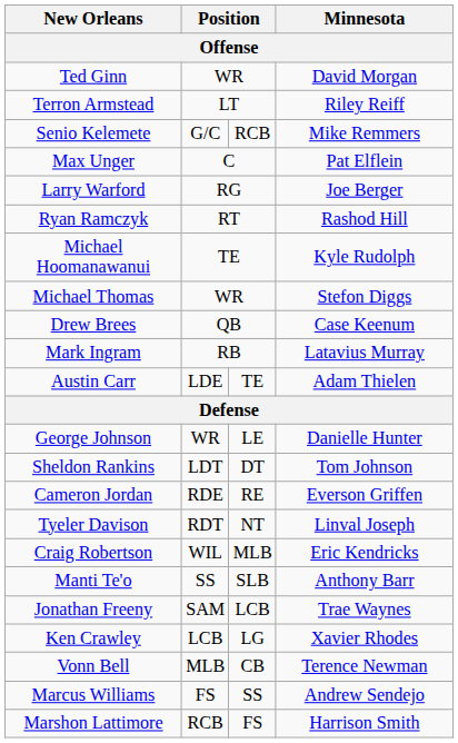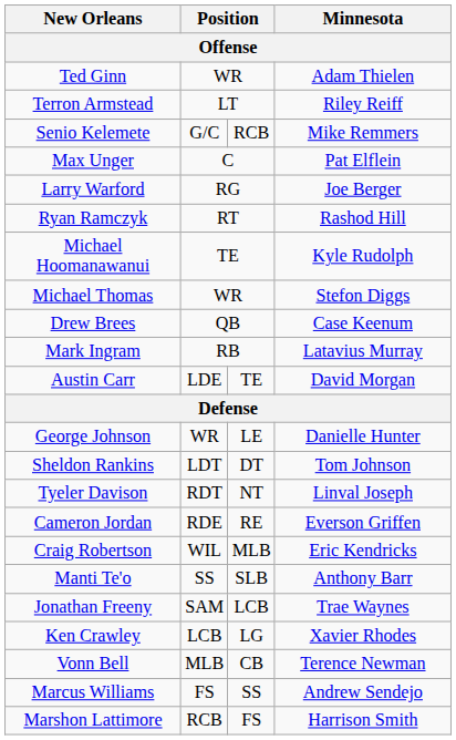 <table class="wikitable" style="text-align:center">
 <tr>
 <th style="width:150px;">New Orleans</th>
 <th colspan="2">Position</th>
 <th style="width:150px;">Minnesota</th>
 </tr>
 <tr>
 <th colspan="4">Offense</th>
 </tr>
 <tr>
 <td><a href='#'>Ted Ginn</a></td>
 <td colspan="2">WR</td>
-<td><a href='#'>David Morgan</a></td>
+<td><a href='#'>Adam Thielen</a></td>
 </tr>
 <tr>
 <td><a href='#'>Terron Armstead</a></td>
 <td colspan="2">LT</td>
 <td><a href='#'>Riley Reiff</a></td>
 </tr>
 <tr>
 <td><a href='#'>Senio Kelemete</a></td>
 <td>G/C</td>
 <td>RCB</td>
 <td><a href='#'>Mike Remmers</a></td>
 </tr>
 <tr>
 <td><a href='#'>Max Unger</a></td>
 <td colspan="2">C</td>
 <td><a href='#'>Pat Elflein</a></td>
 </tr>
 <tr>
 <td><a href='#'>Larry Warford</a></td>
 <td colspan="2">RG</td>
 <td><a href='#'>Joe Berger</a></td>
 </tr>
 <tr>
 <td><a href='#'>Ryan Ramczyk</a></td>
 <td colspan="2">RT</td>
 <td><a href='#'>Rashod Hill</a></td>
 </tr>
 <tr>
 <td><a href='#'>Michael Hoomanawanui</a></td>
 <td colspan="2">TE</td>
 <td><a href='#'>Kyle Rudolph</a></td>
 </tr>
 <tr>
 <td><a href='#'>Michael Thomas</a></td>
 <td colspan="2">WR</td>
 <td><a href='#'>Stefon Diggs</a></td>
 </tr>
 <tr>
 <td><a href='#'>Drew Brees</a></td>
 <td colspan="2">QB</td>
 <td><a href='#'>Case Keenum</a></td>
 </tr>
 <tr>
 <td><a href='#'>Mark Ingram</a></td>
 <td colspan="2">RB</td>
 <td><a href='#'>Latavius Murray</a></td>
 </tr>
 <tr>
 <td><a href='#'>Austin Carr</a></td>
 <td>LDE</td>
 <td>TE</td>
-<td><a href='#'>Adam Thielen</a></td>
+<td><a href='#'>David Morgan</a></td>
 </tr>
 <tr>
 <th colspan="4">Defense</th>
 </tr>
 <tr>
 <td><a href='#'>George Johnson</a></td>
 <td>WR</td>
 <td>LE</td>
 <td><a href='#'>Danielle Hunter</a></td>
 </tr>
 <tr>
 <td><a href='#'>Sheldon Rankins</a></td>
 <td>LDT</td>
 <td>DT</td>
 <td><a href='#'>Tom Johnson</a></td>
 </tr>
 <tr>
+<td><a href='#'>Tyeler Davison</a></td>
+<td>RDT</td>
+<td>NT</td>
+<td><a href='#'>Linval Joseph</a></td>
+</tr>
+<tr>
 <td><a href='#'>Cameron Jordan</a></td>
 <td>RDE</td>
 <td>RE</td>
 <td><a href='#'>Everson Griffen</a></td>
-</tr>
-<tr>
-<td><a href='#'>Tyeler Davison</a></td>
-<td>RDT</td>
-<td>NT</td>
-<td><a href='#'>Linval Joseph</a></td>
 </tr>
 <tr>
 <td><a href='#'>Craig Robertson</a></td>
 <td>WIL</td>
 <td>MLB</td>
 <td><a href='#'>Eric Kendricks</a></td>
 </tr>
 <tr>
 <td><a href='#'>Manti Te'o</a></td>
 <td>SS</td>
 <td>SLB</td>
 <td><a href='#'>Anthony Barr</a></td>
 </tr>
 <tr>
 <td><a href='#'>Jonathan Freeny</a></td>
 <td>SAM</td>
 <td>LCB</td>
 <td><a href='#'>Trae Waynes</a></td>
 </tr>
 <tr>
 <td><a href='#'>Ken Crawley</a></td>
 <td>LCB</td>
 <td>LG</td>
 <td><a href='#'>Xavier Rhodes</a></td>
 </tr>
 <tr>
 <td><a href='#'>Vonn Bell</a></td>
 <td>MLB</td>
 <td>CB</td>
 <td><a href='#'>Terence Newman</a></td>
 </tr>
 <tr>
 <td><a href='#'>Marcus Williams</a></td>
 <td>FS</td>
 <td>SS</td>
 <td><a href='#'>Andrew Sendejo</a></td>
 </tr>
 <tr>
 <td><a href='#'>Marshon Lattimore</a></td>
 <td>RCB</td>
 <td>FS</td>
 <td><a href='#'>Harrison Smith</a></td>
 </tr>
 </table>
